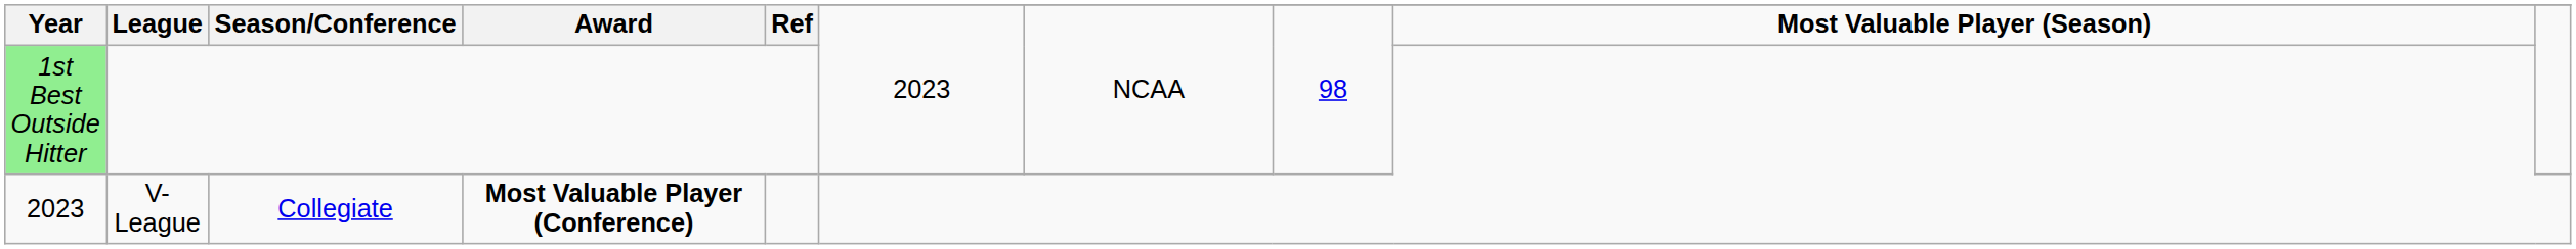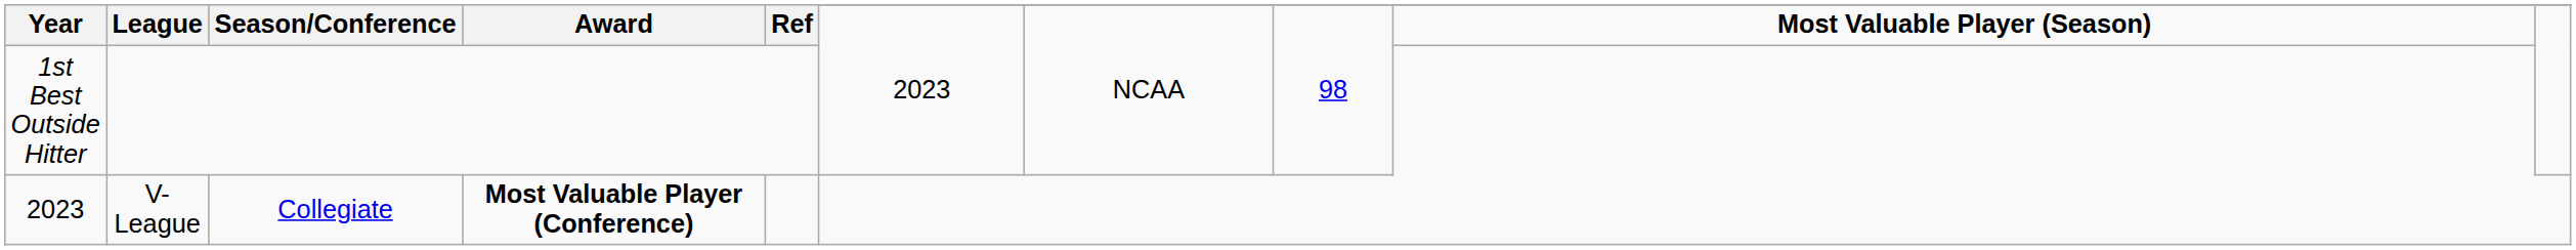 <table class="wikitable sortable" style="text-align:center" width="80%">
 <tr>
 <th style="width:5px;" rowspan="2">Year</th>
 <th style="width:25px;" rowspan="2">League</th>
 <th style="width:100px;" rowspan="2">Season/Conference</th>
 <th style="width:180px;" rowspan="2">Award</th>
 <th style="width:25px;" rowspan="2">Ref</th>
 </tr>
 <tr>
 <td rowspan="2">2023</td>
 <td rowspan=2>NCAA</td>
 <td rowspan="2"><a href='#'>98</a></td>
 <td><strong>Most Valuable Player (Season)</strong></td>
 <td rowspan=2></td>
 </tr>
 <tr>
-<td style="background: lightgreen;"><em>1st Best Outside Hitter</em></td>
+<td><em>1st Best Outside Hitter</em></td>
 </tr>
 <tr>
 <td>2023</td>
 <td>V-League</td>
 <td><a href='#'>Collegiate</a></td>
 <td><strong>Most Valuable Player (Conference)</strong></td>
 <td></td>
 </tr>
 </table>
